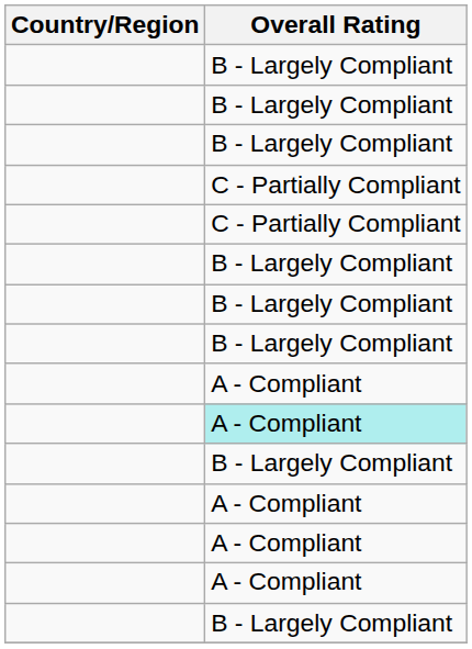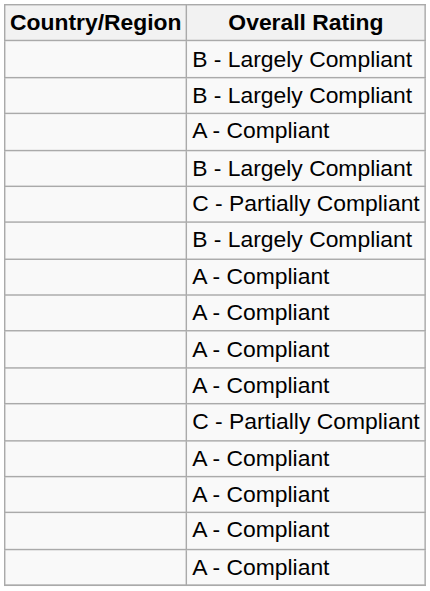 <table class="wikitable sortable">
 <tr>
 <th style="width:2em;">Country/Region</th>
 <th>Overall Rating</th>
 </tr>
 <tr>
 <td></td>
 <td>B - Largely Compliant</td>
 </tr>
 <tr>
 <td></td>
 <td>B - Largely Compliant</td>
 </tr>
 <tr>
 <td></td>
-<td>B - Largely Compliant</td>
-</tr>
-<tr>
-<td></td>
-<td>C - Partially Compliant</td>
-</tr>
-<tr>
-<td></td>
-<td>C - Partially Compliant</td>
+<td>A - Compliant</td>
 </tr>
 <tr>
 <td></td>
 <td>B - Largely Compliant</td>
 </tr>
 <tr>
 <td></td>
-<td>B - Largely Compliant</td>
-</tr>
-<tr>
-<td></td>
-<td>B - Largely Compliant</td>
-</tr>
-<tr>
-<td></td>
-<td>A - Compliant</td>
-</tr>
-<tr>
-<td></td>
-<td style="background: paleturquoise;">A - Compliant</td>
+<td>C - Partially Compliant</td>
 </tr>
 <tr>
 <td></td>
 <td>B - Largely Compliant</td>
 </tr>
 <tr>
 <td></td>
 <td>A - Compliant</td>
 </tr>
 <tr>
 <td></td>
 <td>A - Compliant</td>
 </tr>
 <tr>
 <td></td>
 <td>A - Compliant</td>
 </tr>
 <tr>
 <td></td>
-<td>B - Largely Compliant</td>
+<td>A - Compliant</td>
+</tr>
+<tr>
+<td></td>
+<td>C - Partially Compliant</td>
+</tr>
+<tr>
+<td></td>
+<td>A - Compliant</td>
+</tr>
+<tr>
+<td></td>
+<td>A - Compliant</td>
+</tr>
+<tr>
+<td></td>
+<td>A - Compliant</td>
+</tr>
+<tr>
+<td></td>
+<td>A - Compliant</td>
 </tr>
 <tr>
 </tr>
 </table>
